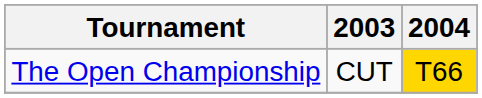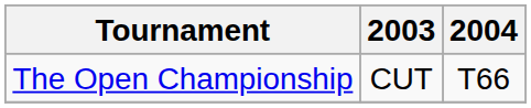 <table class="wikitable" style="font-size:95%;text-align:center;">
 <tr>
 <th>Tournament</th>
 <th>2003</th>
 <th>2004</th>
 </tr>
 <tr>
 <td align=left><a href='#'>The Open Championship</a></td>
 <td>CUT</td>
-<td style="background: gold;">T66</td>
+<td>T66</td>
 </tr>
 <tr>
 </tr>
 </table>
